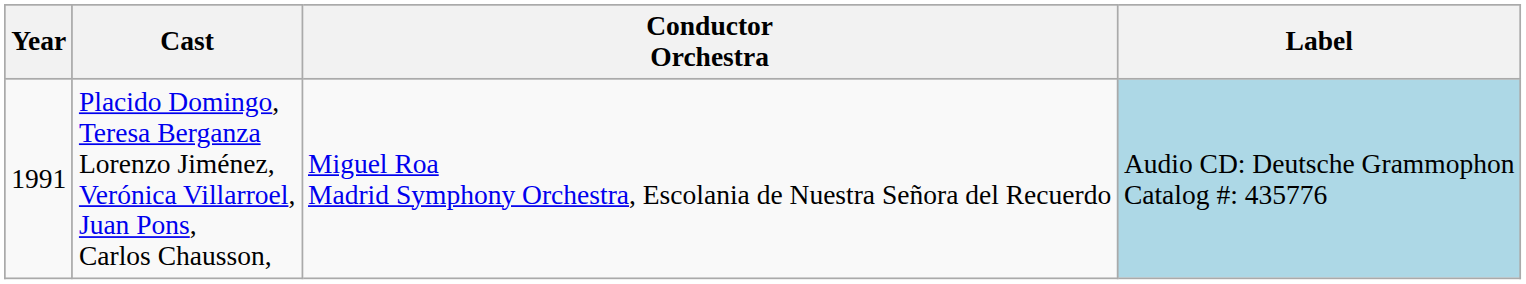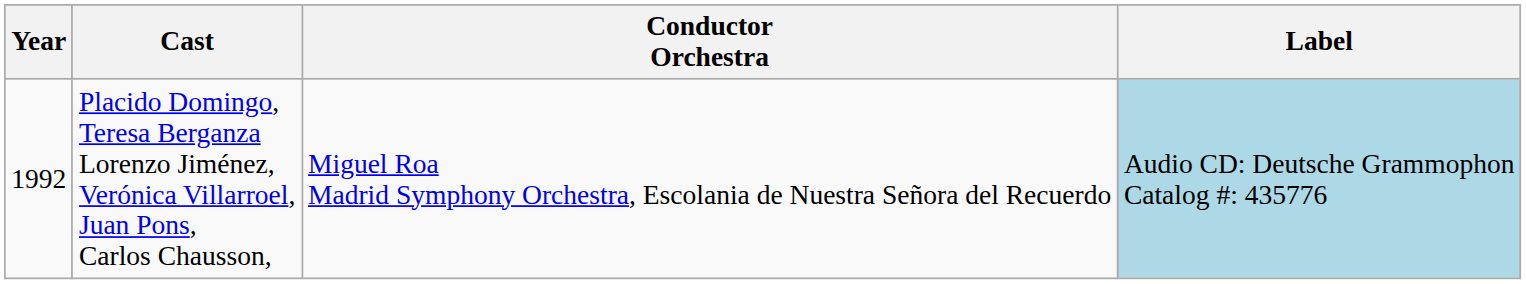 <table class="wikitable">
 <tr>
 <th>Year</th>
 <th>Cast</th>
 <th>Conductor<br>Orchestra</th>
 <th>Label</th>
 </tr>
 <tr>
-<td>1991</td>
+<td>1992</td>
 <td><a href='#'>Placido Domingo</a>,<br><a href='#'>Teresa Berganza</a><br>Lorenzo Jiménez,<br><a href='#'>Verónica Villarroel</a>,<br><a href='#'>Juan Pons</a>,<br>Carlos Chausson,</td>
 <td><a href='#'>Miguel Roa</a><br><a href='#'>Madrid Symphony Orchestra</a>,  Escolania de Nuestra Señora del Recuerdo</td>
 <td style="background: lightblue;">Audio CD: Deutsche Grammophon<br>Catalog #: 435776</td>
 </tr>
 </table>
